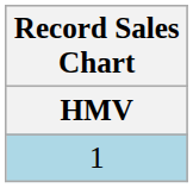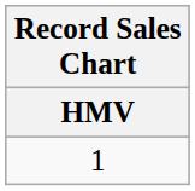 <table class="wikitable">
 <tr>
 <th colspan="2">Record Sales Chart</th>
 </tr>
 <tr>
 <th width="90">HMV</th>
 </tr>
 <tr>
-<td align="center" style="background: lightblue;">1</td>
+<td align="center">1</td>
 </tr>
 </table>
